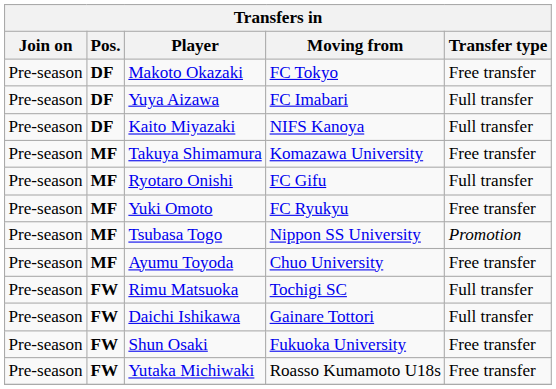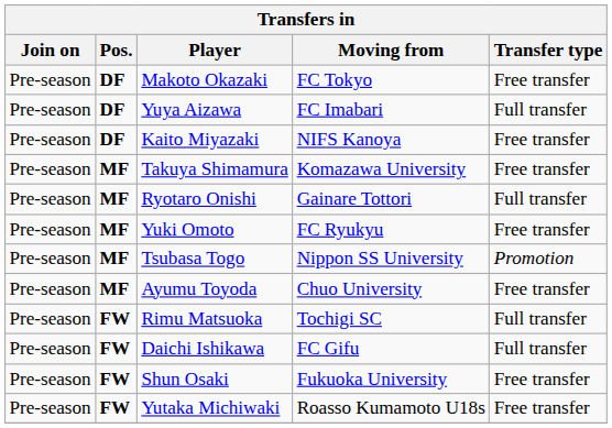 <table class="wikitable sortable" style=“text-align:left;>
 <tr>
 <th colspan="5">Transfers in</th>
 </tr>
 <tr>
 <th>Join on</th>
 <th>Pos.</th>
 <th>Player</th>
 <th>Moving from</th>
 <th>Transfer type</th>
 </tr>
 <tr>
 <td>Pre-season</td>
 <td><strong>DF</strong></td>
 <td> <a href='#'>Makoto Okazaki</a></td>
 <td> <a href='#'>FC Tokyo</a></td>
 <td>Free transfer</td>
 </tr>
 <tr>
 <td>Pre-season</td>
 <td><strong>DF</strong></td>
 <td> <a href='#'>Yuya Aizawa</a></td>
 <td> <a href='#'>FC Imabari</a></td>
 <td>Full transfer</td>
 </tr>
 <tr>
 <td>Pre-season</td>
 <td><strong>DF</strong></td>
 <td> <a href='#'>Kaito Miyazaki</a></td>
 <td> <a href='#'>NIFS Kanoya</a></td>
-<td>Full transfer</td>
+<td>Free transfer</td>
 </tr>
 <tr>
 <td>Pre-season</td>
 <td><strong>MF</strong></td>
 <td> <a href='#'>Takuya Shimamura</a></td>
 <td> <a href='#'>Komazawa University</a></td>
 <td>Free transfer</td>
 </tr>
 <tr>
 <td>Pre-season</td>
 <td><strong>MF</strong></td>
 <td> <a href='#'>Ryotaro Onishi</a></td>
-<td> <a href='#'>FC Gifu</a></td>
+<td> <a href='#'>Gainare Tottori</a></td>
 <td>Full transfer</td>
 </tr>
 <tr>
 <td>Pre-season</td>
 <td><strong>MF</strong></td>
 <td> <a href='#'>Yuki Omoto</a></td>
 <td> <a href='#'>FC Ryukyu</a></td>
 <td>Free transfer</td>
 </tr>
 <tr>
 <td>Pre-season</td>
 <td><strong>MF</strong></td>
 <td> <a href='#'>Tsubasa Togo</a></td>
 <td> <a href='#'>Nippon SS University</a></td>
 <td><em>Promotion</em></td>
 </tr>
 <tr>
 <td>Pre-season</td>
 <td><strong>MF</strong></td>
 <td> <a href='#'>Ayumu Toyoda</a></td>
 <td> <a href='#'>Chuo University</a></td>
 <td>Free transfer</td>
 </tr>
 <tr>
 <td>Pre-season</td>
 <td><strong>FW</strong></td>
 <td> <a href='#'>Rimu Matsuoka</a></td>
 <td> <a href='#'>Tochigi SC</a></td>
 <td>Full transfer</td>
 </tr>
 <tr>
 <td>Pre-season</td>
 <td><strong>FW</strong></td>
 <td> <a href='#'>Daichi Ishikawa</a></td>
-<td> <a href='#'>Gainare Tottori</a></td>
+<td> <a href='#'>FC Gifu</a></td>
 <td>Full transfer</td>
 </tr>
 <tr>
 <td>Pre-season</td>
 <td><strong>FW</strong></td>
 <td> <a href='#'>Shun Osaki</a></td>
 <td> <a href='#'>Fukuoka University</a></td>
 <td>Free transfer</td>
 </tr>
 <tr>
 <td>Pre-season</td>
 <td><strong>FW</strong></td>
 <td> <a href='#'>Yutaka Michiwaki</a></td>
 <td> Roasso Kumamoto U18s</td>
 <td>Free transfer</td>
 </tr>
 <tr>
 </tr>
 </table>
